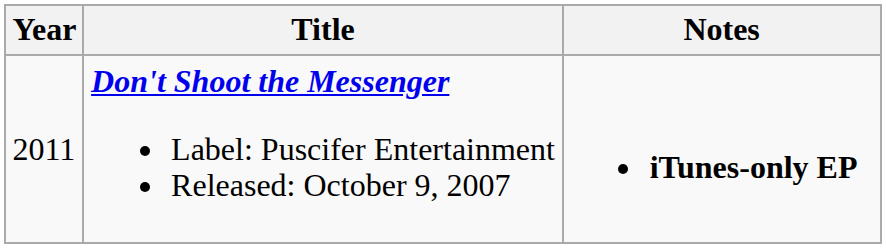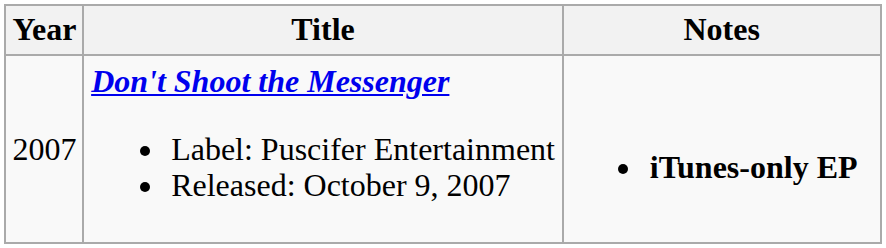 <table class="wikitable">
 <tr>
 <th>Year</th>
 <th>Title</th>
 <th>Notes</th>
 </tr>
 <tr>
-<td rowspan="1">2011</td>
+<td rowspan="1">2007</td>
 <td><strong><em><a href='#'>Don't Shoot the Messenger</a></em></strong><br><ul><li>Label: Puscifer Entertainment</li><li>Released: October 9, 2007</li></ul></td>
 <td><strong><br><ul><li>iTunes-only EP  </li></ul></strong></td>
 </tr>
 </table>
